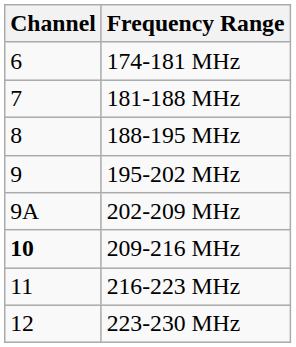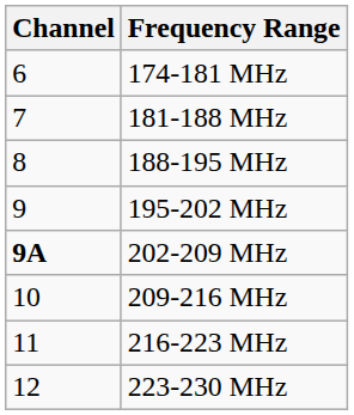 <table class="wikitable sortable static-row-numbers">
 <tr>
 <th>Channel</th>
 <th>Frequency Range</th>
 </tr>
 <tr>
 <td>6</td>
 <td>174-181 MHz</td>
 </tr>
 <tr>
 <td>7</td>
 <td>181-188 MHz</td>
 </tr>
 <tr>
 <td>8</td>
 <td>188-195 MHz</td>
 </tr>
 <tr>
 <td>9</td>
 <td>195-202 MHz</td>
 </tr>
 <tr>
-<td>9A</td>
+<td><strong>9A</strong></td>
 <td>202-209 MHz</td>
 </tr>
 <tr>
-<td><strong>10</strong></td>
+<td>10</td>
 <td>209-216 MHz</td>
 </tr>
 <tr>
 <td>11</td>
 <td>216-223 MHz</td>
 </tr>
 <tr>
 <td>12</td>
 <td>223-230 MHz</td>
 </tr>
 </table>
